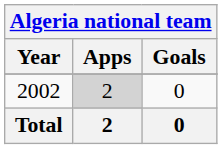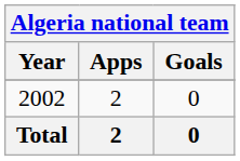 <table class="wikitable" style="text-align:center">
 <tr>
 <th colspan=3><a href='#'>Algeria national team</a></th>
 </tr>
 <tr>
 <th>Year</th>
 <th>Apps</th>
 <th>Goals</th>
 </tr>
 <tr>
 </tr>
 <tr>
 <td>2002</td>
-<td style="background: lightgrey;">2</td>
+<td>2</td>
 <td>0</td>
 </tr>
 <tr>
 <th>Total</th>
 <th>2</th>
 <th>0</th>
 </tr>
 </table>
